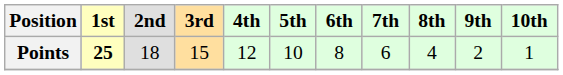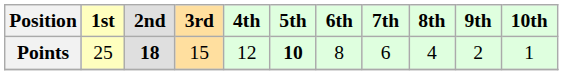 <table class="wikitable" style="font-size:85%; text-align:center">
 <tr>
 <th>Position</th>
 <td style="background:#ffffbf;"> <strong>1st</strong> </td>
 <td style="background:#dfdfdf;"> <strong>2nd</strong> </td>
 <td style="background:#ffdf9f;"> <strong>3rd</strong> </td>
 <td style="background:#dfffdf;"> <strong>4th</strong> </td>
 <td style="background:#dfffdf;"> <strong>5th</strong> </td>
 <td style="background:#dfffdf;"> <strong>6th</strong> </td>
 <td style="background:#dfffdf;"> <strong>7th</strong> </td>
 <td style="background:#dfffdf;"> <strong>8th</strong> </td>
 <td style="background:#dfffdf;"> <strong>9th</strong> </td>
 <td style="background:#dfffdf;"> <strong>10th</strong> </td>
 </tr>
 <tr>
 <th>Points</th>
-<td style="background:#ffffbf;"><strong>25</strong></td>
-<td style="background:#dfdfdf;">18</td>
+<td style="background:#ffffbf;">25</td>
+<td style="background:#dfdfdf;"><strong>18</strong></td>
 <td style="background:#ffdf9f;">15</td>
 <td style="background:#dfffdf;">12</td>
-<td style="background:#dfffdf;">10</td>
+<td style="background:#dfffdf;"><strong>10</strong></td>
 <td style="background:#dfffdf;">8</td>
 <td style="background:#dfffdf;">6</td>
 <td style="background:#dfffdf;">4</td>
 <td style="background:#dfffdf;">2</td>
 <td style="background:#dfffdf;">1</td>
 </tr>
 <tr>
 </tr>
 </table>
